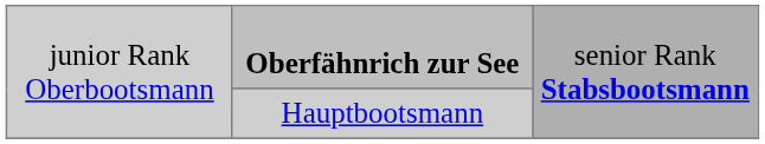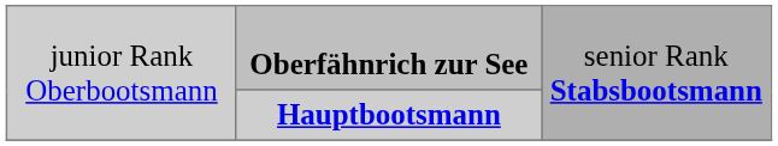 <table class="toccolours" border="1" cellpadding="4" cellspacing="0" style="border-collapse: collapse; margin: 0.5em auto; clear: both;">
 <tr>
 <td width="30%" align="center" rowspan="2"  style="background:#cfcfcf;">junior Rank<br><a href='#'>Oberbootsmann</a></td>
 <td width="40%" align="center" rowspan="1" style="background:#bfbfbf;"><br><strong>Oberfähnrich zur See</strong></td>
 <td width="30%" align="center" rowspan="2" style="background:#afafaf;">senior Rank<br><strong><a href='#'>Stabsbootsmann</a></strong></td>
 </tr>
 <tr>
-<td width="30%" align="center" style="background:#cfcfcf;"><a href='#'>Hauptbootsmann</a></td>
+<td width="30%" align="center" style="background:#cfcfcf;"><strong><a href='#'>Hauptbootsmann</a></strong></td>
 </tr>
 </table>
